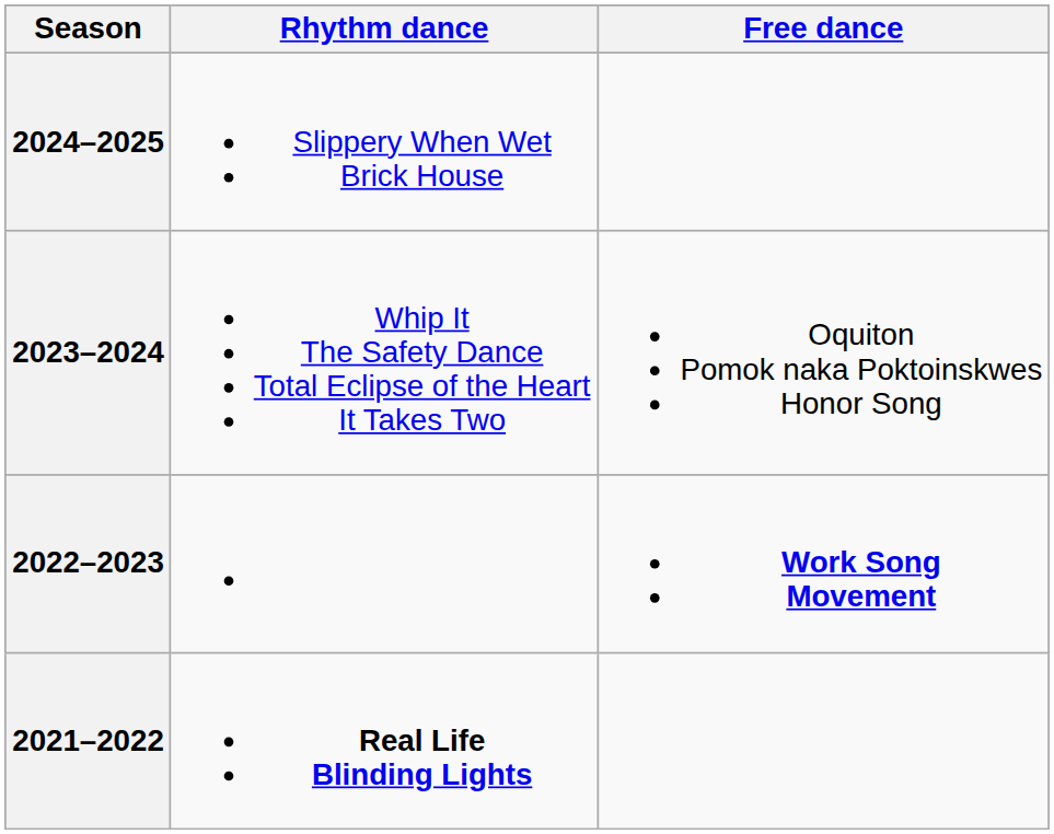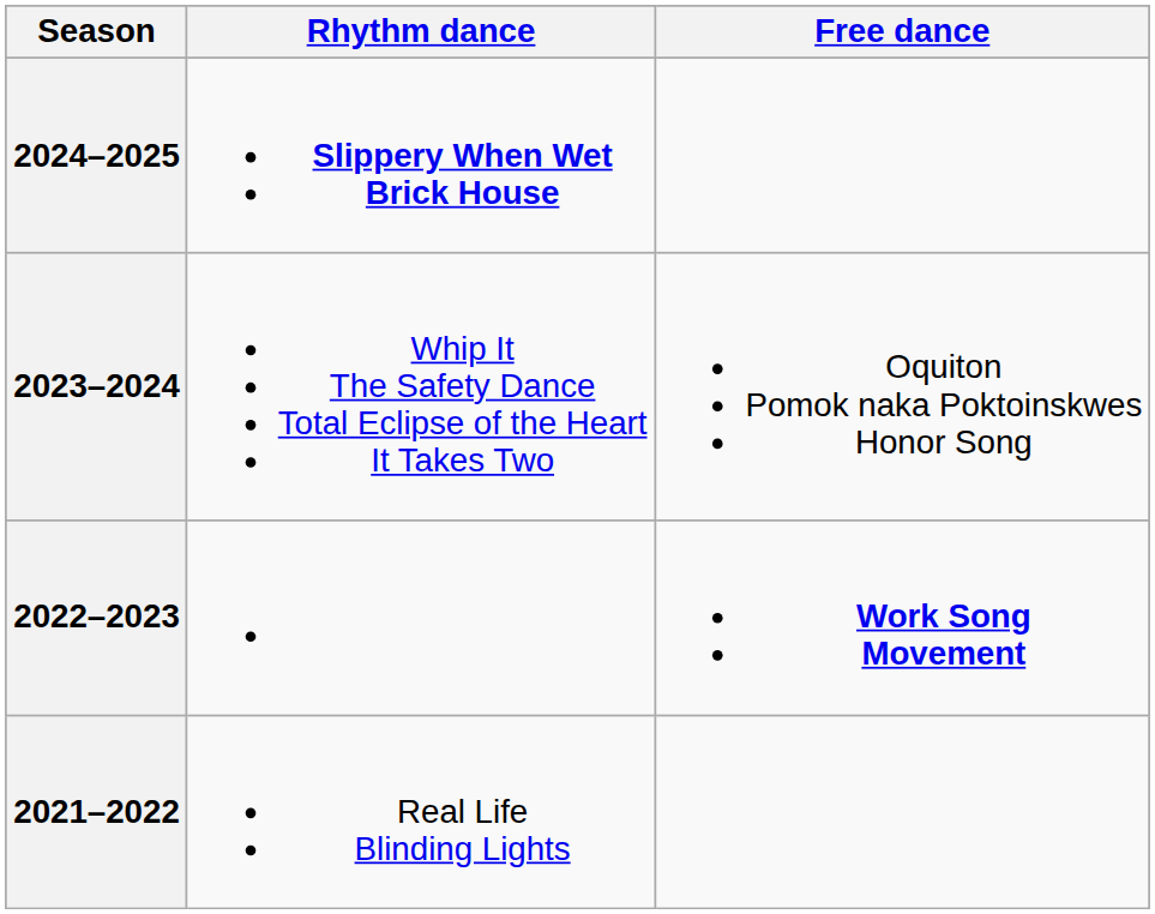 <table class=wikitable style=text-align:center>
 <tr>
 <th>Season</th>
 <th><a href='#'>Rhythm dance</a></th>
 <th><a href='#'>Free dance</a></th>
 </tr>
 <tr>
 <th>2024–2025 <br> </th>
-<td><br><ul><li><a href='#'>Slippery When Wet</a></li><li><a href='#'>Brick House</a> <br> </li></ul></td>
+<td><strong><br><ul><li><a href='#'>Slippery When Wet</a></li><li><a href='#'>Brick House</a> <br> </li></ul></strong></td>
 </tr>
 <tr>
 <th>2023–2024 <br> </th>
 <td><br><ul><li><a href='#'>Whip It</a> <br> </li><li><a href='#'>The Safety Dance</a> <br> </li><li><a href='#'>Total Eclipse of the Heart</a> <br> </li><li><a href='#'>It Takes Two</a> <br> </li></ul></td>
 <td><br><ul><li>Oquiton</li><li>Pomok naka Poktoinskwes <br> </li><li>Honor Song <br> </li></ul></td>
 </tr>
 <tr>
 <th>2022–2023 <br> </th>
 <td><br><ul><li></li></ul></td>
 <td><strong><br><ul><li><a href='#'>Work Song</a></li><li><a href='#'>Movement</a> <br> </li></ul></strong></td>
 </tr>
 <tr>
 <th>2021–2022</th>
-<td><strong><br><ul><li>Real Life</li><li><a href='#'>Blinding Lights</a> <br> </li></ul></strong></td>
+<td><br><ul><li>Real Life</li><li><a href='#'>Blinding Lights</a> <br> </li></ul></td>
 </tr>
 </table>
